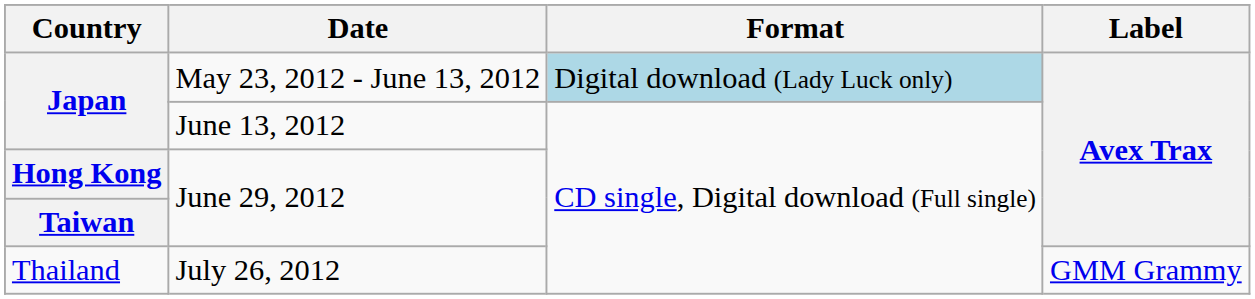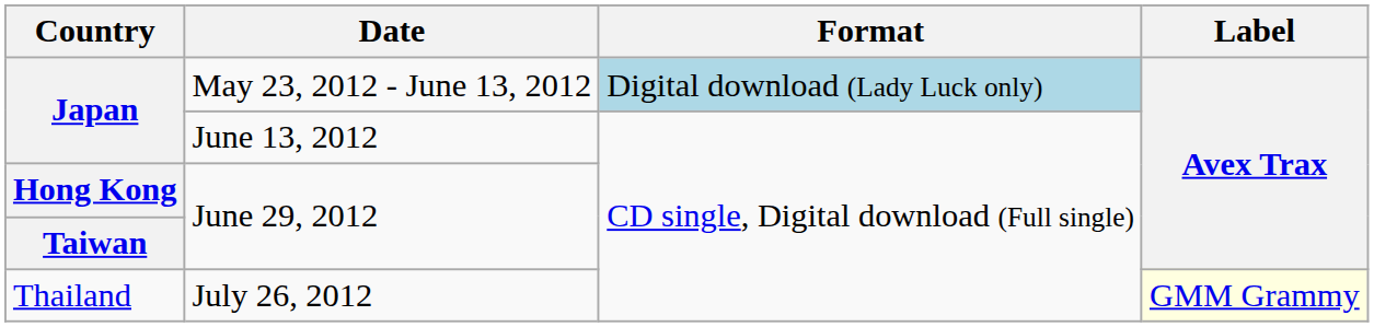 <table class="wikitable plainrowheaders">
 <tr>
 <th scope="col">Country</th>
 <th>Date</th>
 <th>Format</th>
 <th>Label</th>
 </tr>
 <tr>
 <th scope="row" rowspan="2"><a href='#'>Japan</a></th>
 <td>May 23, 2012 - June 13, 2012</td>
 <td style="background: lightblue;">Digital download <small>(Lady Luck only)</small></td>
 <th scope="row" rowspan="4"><a href='#'>Avex Trax</a></th>
 </tr>
 <tr>
 <td>June 13, 2012</td>
 <td scope="row" rowspan="4"><a href='#'>CD single</a>, Digital download <small>(Full single)</small></td>
 </tr>
 <tr>
 <th scope="row"><a href='#'>Hong Kong</a></th>
 <td rowspan="2">June 29, 2012</td>
 </tr>
 <tr>
 <th scope="row"><a href='#'>Taiwan</a></th>
 </tr>
 <tr>
 <td scope="row"><a href='#'>Thailand</a></td>
 <td>July 26, 2012</td>
-<td><a href='#'>GMM Grammy</a></td>
+<td style="background: lightyellow;"><a href='#'>GMM Grammy</a></td>
 </tr>
 </table>
